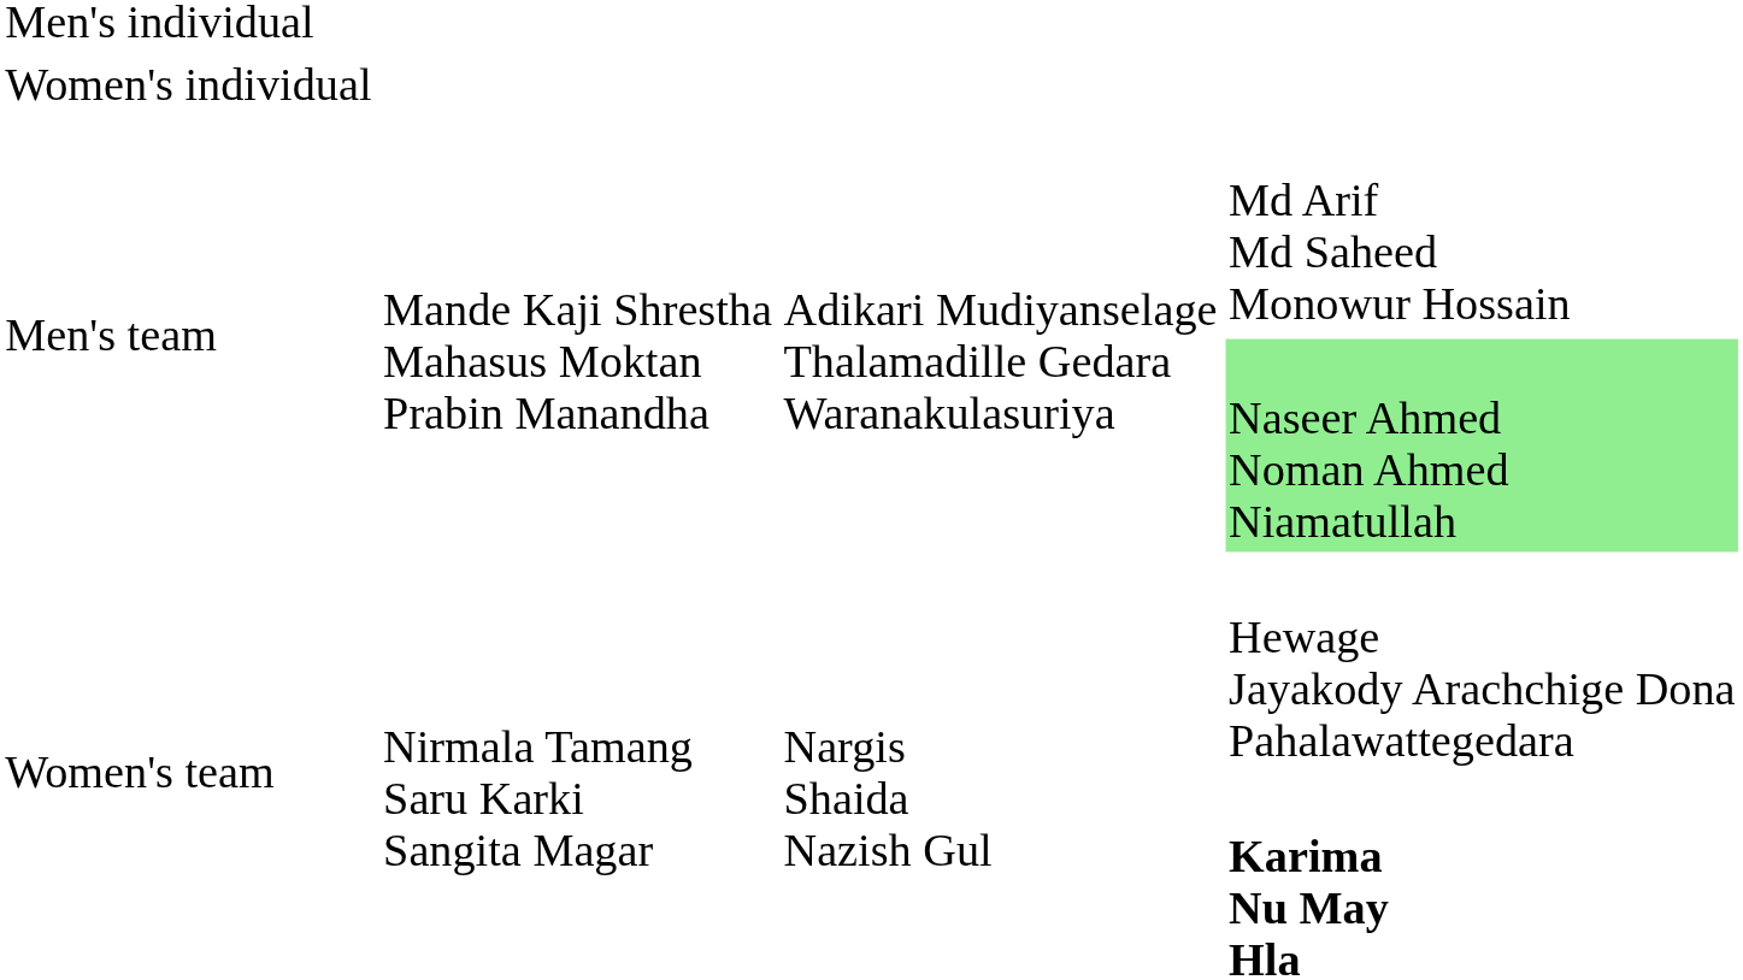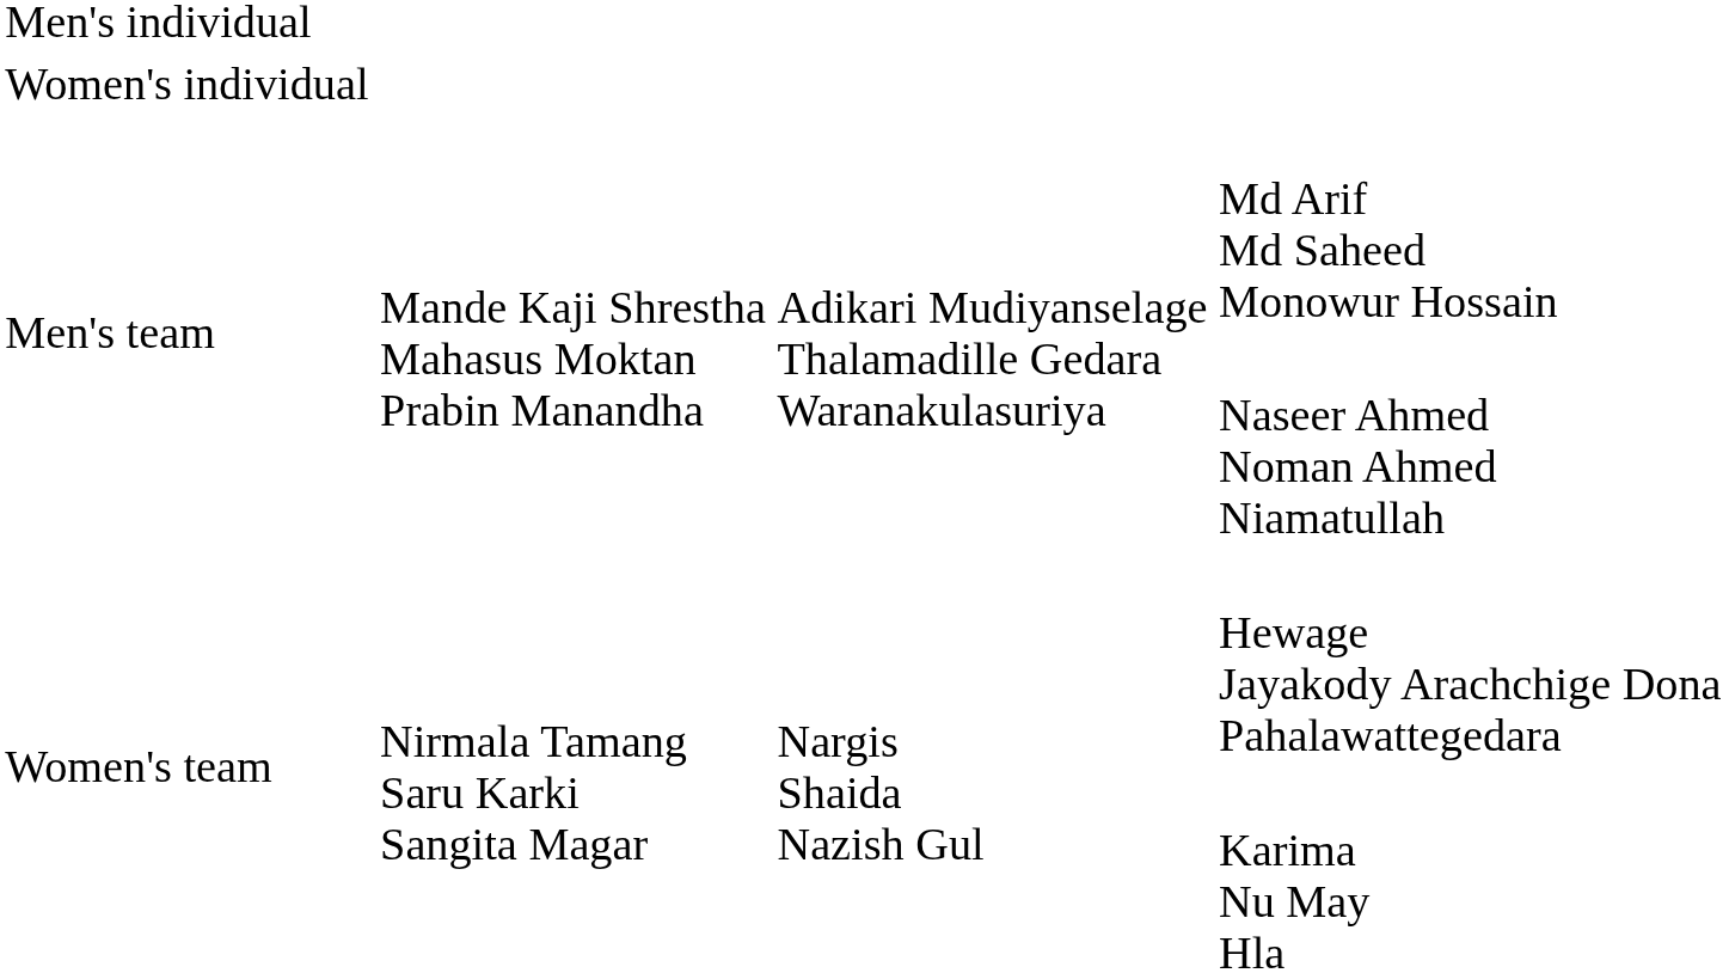 <table>
 <tr>
 <td rowspan=2>Men's individual</td>
 <td rowspan=2></td>
 <td rowspan=2></td>
 <td></td>
 </tr>
 <tr>
 <td></td>
 </tr>
 <tr>
 <td rowspan=2>Women's individual</td>
 <td rowspan=2></td>
 <td rowspan=2></td>
 <td></td>
 </tr>
 <tr>
 <td></td>
 </tr>
 <tr>
 <td rowspan=2>Men's team</td>
 <td rowspan=2><br>Mande Kaji Shrestha<br>Mahasus Moktan<br>Prabin Manandha</td>
 <td rowspan=2><br>Adikari Mudiyanselage<br>Thalamadille Gedara<br>Waranakulasuriya</td>
 <td><br>Md Arif<br>Md Saheed<br>Monowur Hossain</td>
 </tr>
 <tr>
-<td style="background: lightgreen;"><br>Naseer Ahmed<br>Noman Ahmed<br>Niamatullah</td>
+<td><br>Naseer Ahmed<br>Noman Ahmed<br>Niamatullah</td>
 </tr>
 <tr>
 <td rowspan=2>Women's team</td>
 <td rowspan=2><br>Nirmala Tamang<br>Saru Karki<br>Sangita Magar</td>
 <td rowspan=2><br>Nargis<br>Shaida<br>Nazish Gul</td>
 <td><br>Hewage<br>Jayakody Arachchige Dona<br>Pahalawattegedara</td>
 </tr>
 <tr>
-<td><strong><br>Karima<br>Nu May<br>Hla</strong></td>
+<td><br>Karima<br>Nu May<br>Hla</td>
 </tr>
 </table>
